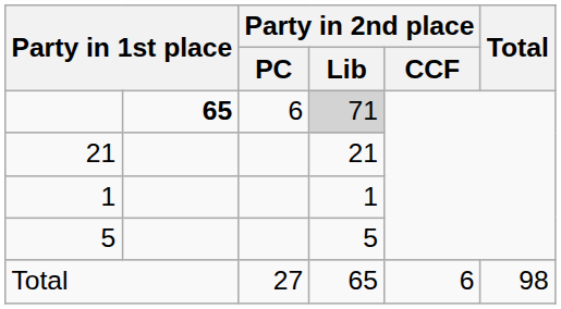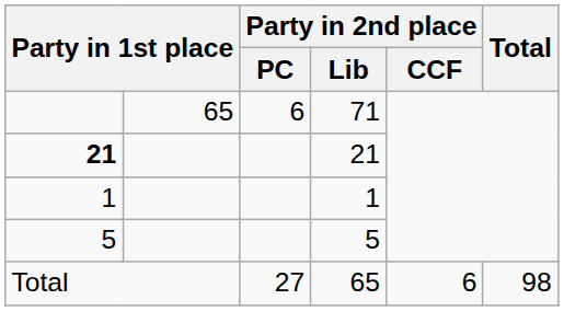 <table class="wikitable" style="text-align:right;">
 <tr>
 <th rowspan="2" colspan="2" style="text-align:left;">Party in 1st place</th>
 <th colspan="3">Party in 2nd place</th>
 <th rowspan="2">Total</th>
 </tr>
 <tr>
 <th>PC</th>
 <th>Lib</th>
 <th>CCF</th>
 </tr>
 <tr>
 <td></td>
-<td><strong>65</strong></td>
+<td>65</td>
 <td>6</td>
-<td style="background: lightgrey;">71</td>
+<td>71</td>
 </tr>
 <tr>
-<td>21</td>
+<td><strong>21</strong></td>
 <td></td>
 <td></td>
 <td>21</td>
 </tr>
 <tr>
 <td>1</td>
 <td></td>
 <td></td>
 <td>1</td>
 </tr>
 <tr>
 <td>5</td>
 <td></td>
 <td></td>
 <td>5</td>
 </tr>
 <tr>
 <td colspan="2" style="text-align:left;">Total</td>
 <td>27</td>
 <td>65</td>
 <td>6</td>
 <td>98</td>
 </tr>
 </table>
